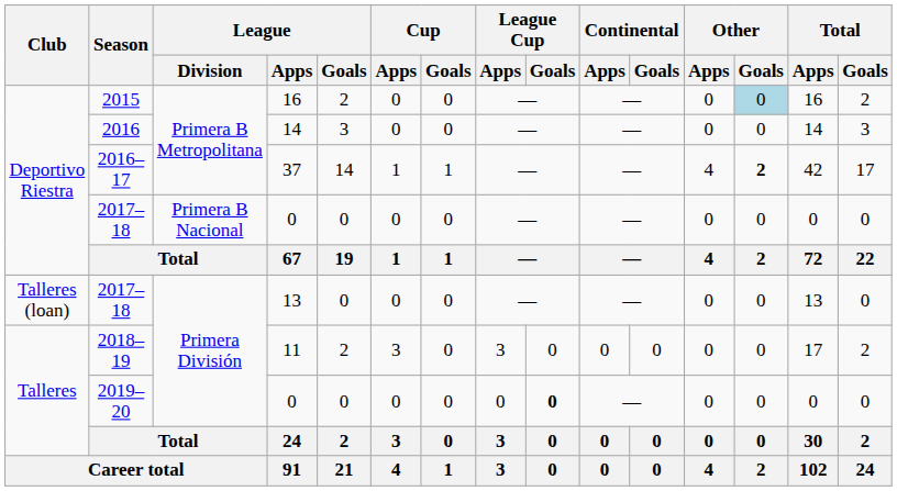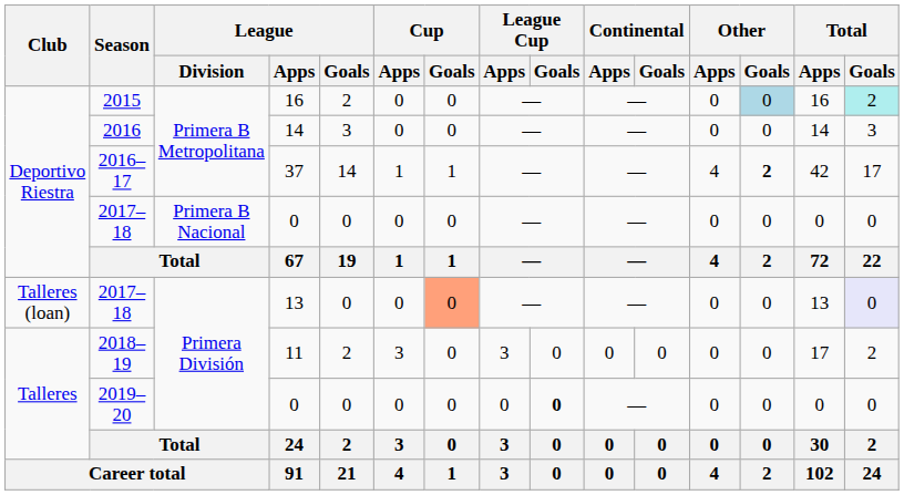 <table class="wikitable" style="text-align:center">
 <tr>
 <th rowspan="2">Club</th>
 <th rowspan="2">Season</th>
 <th colspan="3">League</th>
 <th colspan="2">Cup</th>
 <th colspan="2">League Cup</th>
 <th colspan="2">Continental</th>
 <th colspan="2">Other</th>
 <th colspan="2">Total</th>
 </tr>
 <tr>
 <th>Division</th>
 <th>Apps</th>
 <th>Goals</th>
 <th>Apps</th>
 <th>Goals</th>
 <th>Apps</th>
 <th>Goals</th>
 <th>Apps</th>
 <th>Goals</th>
 <th>Apps</th>
 <th>Goals</th>
 <th>Apps</th>
 <th>Goals</th>
 </tr>
 <tr>
 <td rowspan="5"><a href='#'>Deportivo Riestra</a></td>
 <td><a href='#'>2015</a></td>
 <td rowspan="3"><a href='#'>Primera B Metropolitana</a></td>
 <td>16</td>
 <td>2</td>
 <td>0</td>
 <td>0</td>
 <td colspan="2">—</td>
 <td colspan="2">—</td>
 <td>0</td>
 <td style="background: lightblue;">0</td>
 <td>16</td>
-<td>2</td>
+<td style="background: paleturquoise;">2</td>
 </tr>
 <tr>
 <td><a href='#'>2016</a></td>
 <td>14</td>
 <td>3</td>
 <td>0</td>
 <td>0</td>
 <td colspan="2">—</td>
 <td colspan="2">—</td>
 <td>0</td>
 <td>0</td>
 <td>14</td>
 <td>3</td>
 </tr>
 <tr>
 <td><a href='#'>2016–17</a></td>
 <td>37</td>
 <td>14</td>
 <td>1</td>
 <td>1</td>
 <td colspan="2">—</td>
 <td colspan="2">—</td>
 <td>4</td>
 <td><strong>2</strong></td>
 <td>42</td>
 <td>17</td>
 </tr>
 <tr>
 <td><a href='#'>2017–18</a></td>
 <td rowspan="1"><a href='#'>Primera B Nacional</a></td>
 <td>0</td>
 <td>0</td>
 <td>0</td>
 <td>0</td>
 <td colspan="2">—</td>
 <td colspan="2">—</td>
 <td>0</td>
 <td>0</td>
 <td>0</td>
 <td>0</td>
 </tr>
 <tr>
 <th colspan="2">Total</th>
 <th>67</th>
 <th>19</th>
 <th>1</th>
 <th>1</th>
 <th colspan="2">—</th>
 <th colspan="2">—</th>
 <th>4</th>
 <th>2</th>
 <th>72</th>
 <th>22</th>
 </tr>
 <tr>
 <td rowspan="1"><a href='#'>Talleres</a> (loan)</td>
 <td><a href='#'>2017–18</a></td>
 <td rowspan="3"><a href='#'>Primera División</a></td>
 <td>13</td>
 <td>0</td>
 <td>0</td>
-<td>0</td>
+<td style="background: lightsalmon;">0</td>
 <td colspan="2">—</td>
 <td colspan="2">—</td>
 <td>0</td>
 <td>0</td>
 <td>13</td>
-<td>0</td>
+<td style="background: lavender;">0</td>
 </tr>
 <tr>
 <td rowspan="3"><a href='#'>Talleres</a></td>
 <td><a href='#'>2018–19</a></td>
 <td>11</td>
 <td>2</td>
 <td>3</td>
 <td>0</td>
 <td>3</td>
 <td>0</td>
 <td>0</td>
 <td>0</td>
 <td>0</td>
 <td>0</td>
 <td>17</td>
 <td>2</td>
 </tr>
 <tr>
 <td><a href='#'>2019–20</a></td>
 <td>0</td>
 <td>0</td>
 <td>0</td>
 <td>0</td>
 <td>0</td>
 <td><strong>0</strong></td>
 <td colspan="2">—</td>
 <td>0</td>
 <td>0</td>
 <td>0</td>
 <td>0</td>
 </tr>
 <tr>
 <th colspan="2">Total</th>
 <th>24</th>
 <th>2</th>
 <th>3</th>
 <th>0</th>
 <th>3</th>
 <th>0</th>
 <th>0</th>
 <th>0</th>
 <th>0</th>
 <th>0</th>
 <th>30</th>
 <th>2</th>
 </tr>
 <tr>
 <th colspan="3">Career total</th>
 <th>91</th>
 <th>21</th>
 <th>4</th>
 <th>1</th>
 <th>3</th>
 <th>0</th>
 <th>0</th>
 <th>0</th>
 <th>4</th>
 <th>2</th>
 <th>102</th>
 <th>24</th>
 </tr>
 </table>
